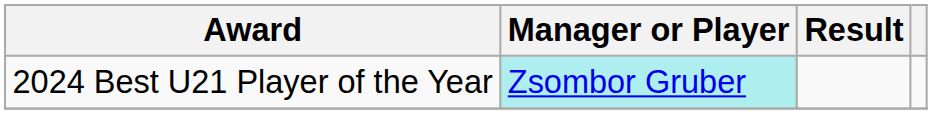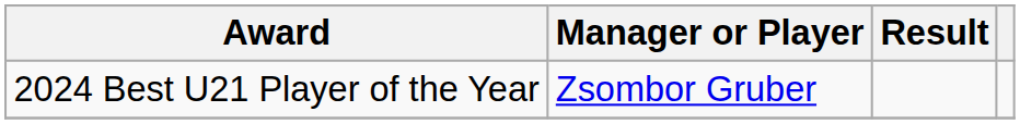 <table class="wikitable" style="text-align:center;">
 <tr>
 <th>Award</th>
 <th>Manager or Player</th>
 <th>Result</th>
 <th></th>
 </tr>
 <tr>
 <td rowspan="1" style="text-align:left;">2024 Best U21 Player of the Year</td>
-<td style="background: paleturquoise; text-align:left;"> <a href='#'>Zsombor Gruber</a></td>
+<td style="text-align:left;"> <a href='#'>Zsombor Gruber</a></td>
 <td></td>
 <td rowspan="1"></td>
 </tr>
 <tr>
 </tr>
 </table>
